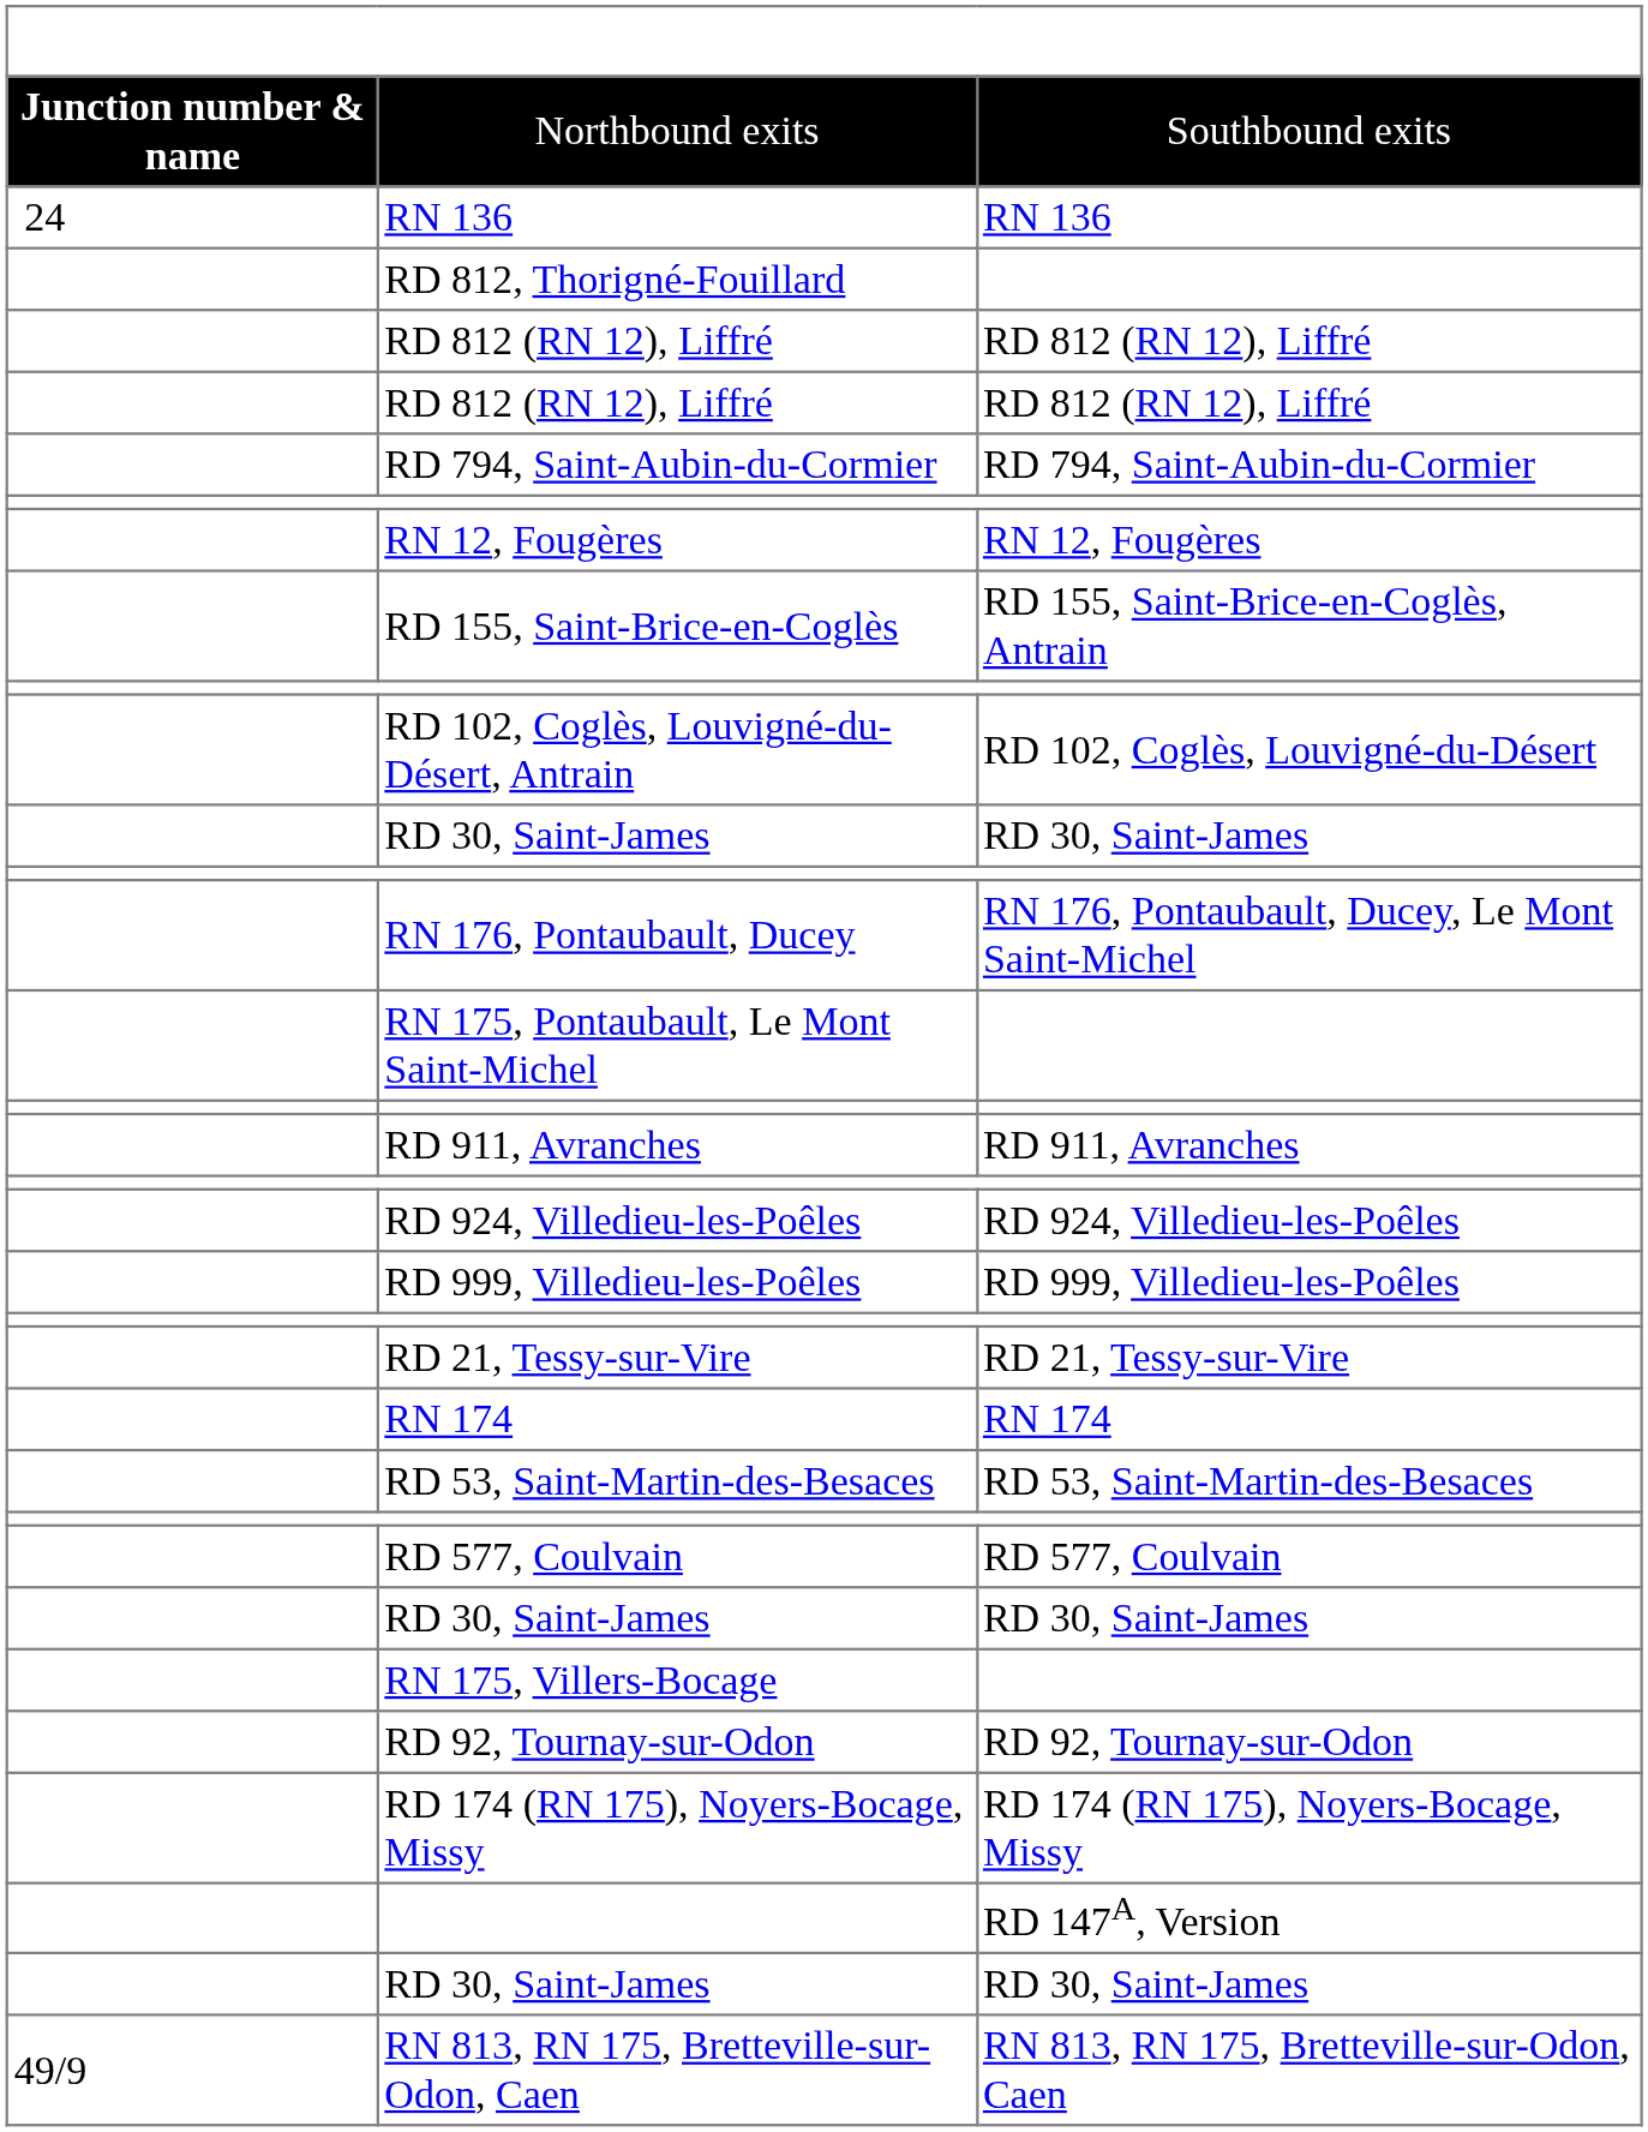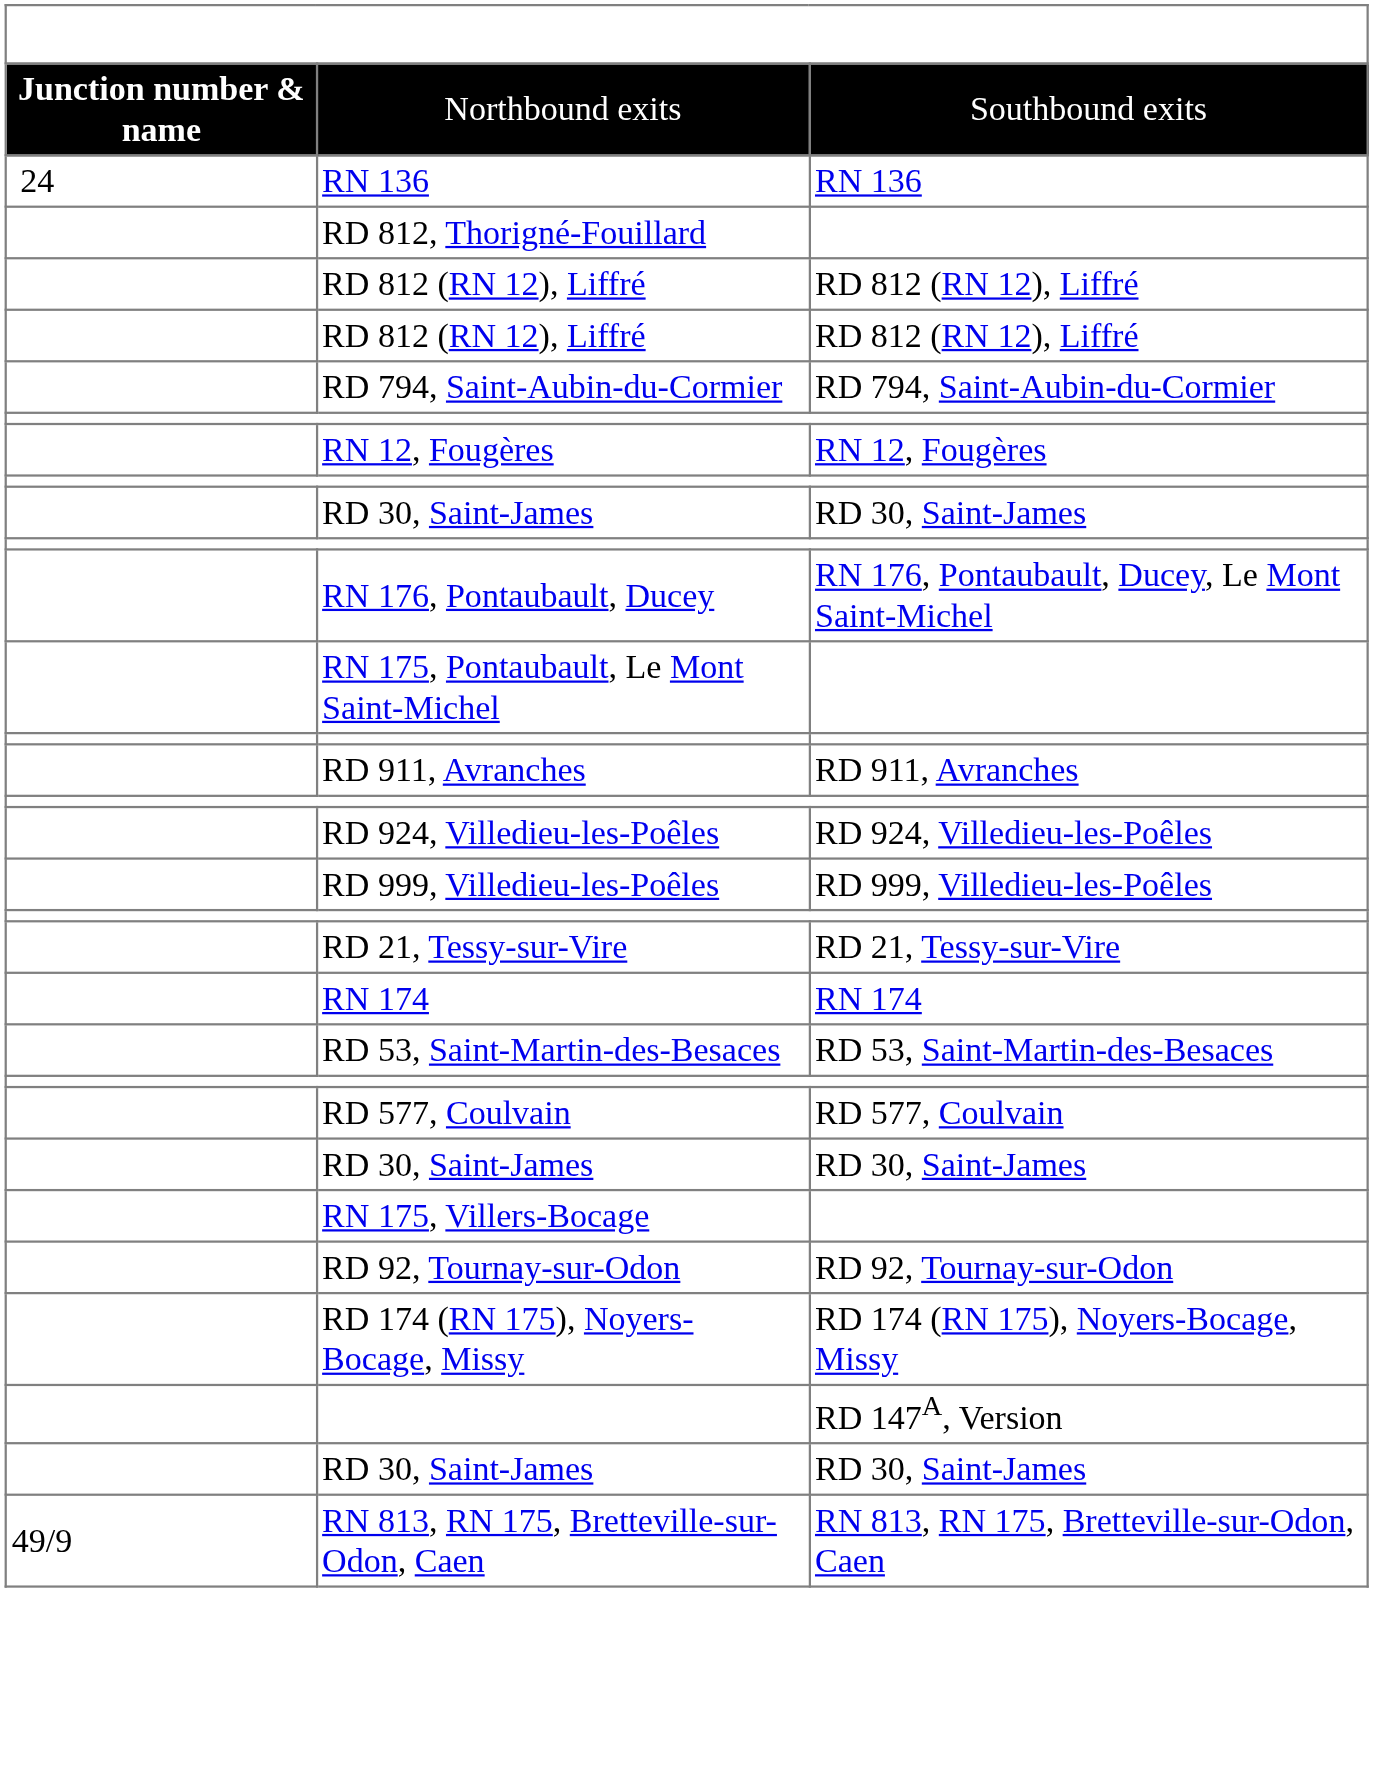 <table border=1 cellpadding=2 style="margin-left:1em; margin-bottom: 1em; color: black; border-collapse: collapse; font-size: 95%;">
 <tr align="center" bgcolor="FFFFFF" style="color: white;font-size:120%;">
 <td colspan="3"><br> </td>
 </tr>
 <tr align="center" bgcolor="000000" style="color: white">
 <td><strong>Junction number & name</strong></td>
 <td>Northbound exits</td>
 <td>Southbound exits</td>
 </tr>
 <tr>
 <td> 24</td>
 <td><a href='#'>RN 136</a></td>
 <td><a href='#'>RN 136</a></td>
 </tr>
 <tr>
 <td></td>
 <td>RD 812, <a href='#'>Thorigné-Fouillard</a></td>
 <td></td>
 </tr>
 <tr>
 <td></td>
 <td>RD 812 (<a href='#'>RN 12</a>), <a href='#'>Liffré</a></td>
 <td>RD 812 (<a href='#'>RN 12</a>), <a href='#'>Liffré</a></td>
 </tr>
 <tr>
 <td></td>
 <td>RD 812 (<a href='#'>RN 12</a>), <a href='#'>Liffré</a></td>
 <td>RD 812 (<a href='#'>RN 12</a>), <a href='#'>Liffré</a></td>
 </tr>
 <tr>
 <td></td>
 <td>RD 794, <a href='#'>Saint-Aubin-du-Cormier</a></td>
 <td>RD 794, <a href='#'>Saint-Aubin-du-Cormier</a></td>
 </tr>
 <tr>
 <td colspan="3"></td>
 </tr>
 <tr>
 <td></td>
 <td><a href='#'>RN 12</a>, <a href='#'>Fougères</a></td>
 <td><a href='#'>RN 12</a>, <a href='#'>Fougères</a></td>
 </tr>
 <tr>
-<td></td>
-<td>RD 155, <a href='#'>Saint-Brice-en-Coglès</a></td>
-<td>RD 155, <a href='#'>Saint-Brice-en-Coglès</a>, <a href='#'>Antrain</a></td>
-</tr>
-<tr>
 <td colspan="3"></td>
-</tr>
-<tr>
-<td></td>
-<td>RD 102, <a href='#'>Coglès</a>, <a href='#'>Louvigné-du-Désert</a>, <a href='#'>Antrain</a></td>
-<td>RD 102, <a href='#'>Coglès</a>, <a href='#'>Louvigné-du-Désert</a></td>
 </tr>
 <tr>
 <td></td>
 <td>RD 30, <a href='#'>Saint-James</a></td>
 <td>RD 30, <a href='#'>Saint-James</a></td>
 </tr>
 <tr>
 <td colspan="3"></td>
 </tr>
 <tr>
 <td></td>
 <td><a href='#'>RN 176</a>, <a href='#'>Pontaubault</a>, <a href='#'>Ducey</a></td>
 <td><a href='#'>RN 176</a>, <a href='#'>Pontaubault</a>, <a href='#'>Ducey</a>, Le <a href='#'>Mont Saint-Michel</a></td>
 </tr>
 <tr>
 <td></td>
 <td><a href='#'>RN 175</a>, <a href='#'>Pontaubault</a>, Le <a href='#'>Mont Saint-Michel</a></td>
 <td></td>
 </tr>
 <tr>
 <td><s></s></td>
 <td></td>
 <td></td>
 </tr>
 <tr>
 <td></td>
 <td>RD 911, <a href='#'>Avranches</a></td>
 <td>RD 911, <a href='#'>Avranches</a></td>
 </tr>
 <tr>
 <td colspan="3"></td>
 </tr>
 <tr>
 <td></td>
 <td>RD 924, <a href='#'>Villedieu-les-Poêles</a></td>
 <td>RD 924, <a href='#'>Villedieu-les-Poêles</a></td>
 </tr>
 <tr>
 <td></td>
 <td>RD 999, <a href='#'>Villedieu-les-Poêles</a></td>
 <td>RD 999, <a href='#'>Villedieu-les-Poêles</a></td>
 </tr>
 <tr>
 <td colspan="3"></td>
 </tr>
 <tr>
 <td></td>
 <td>RD 21, <a href='#'>Tessy-sur-Vire</a></td>
 <td>RD 21, <a href='#'>Tessy-sur-Vire</a></td>
 </tr>
 <tr>
 <td></td>
 <td><a href='#'>RN 174</a></td>
 <td><a href='#'>RN 174</a></td>
 </tr>
 <tr>
 <td></td>
 <td>RD 53, <a href='#'>Saint-Martin-des-Besaces</a></td>
 <td>RD 53, <a href='#'>Saint-Martin-des-Besaces</a></td>
 </tr>
 <tr>
 <td colspan="3"></td>
 </tr>
 <tr>
 <td></td>
 <td>RD 577, <a href='#'>Coulvain</a></td>
 <td>RD 577, <a href='#'>Coulvain</a></td>
 </tr>
 <tr>
 <td></td>
 <td>RD 30, <a href='#'>Saint-James</a></td>
 <td>RD 30, <a href='#'>Saint-James</a></td>
 </tr>
 <tr>
 <td></td>
 <td><a href='#'>RN 175</a>, <a href='#'>Villers-Bocage</a></td>
 <td></td>
 </tr>
 <tr>
 <td></td>
 <td>RD 92, <a href='#'>Tournay-sur-Odon</a></td>
 <td>RD 92, <a href='#'>Tournay-sur-Odon</a></td>
 </tr>
 <tr>
 <td></td>
 <td>RD 174 (<a href='#'>RN 175</a>), <a href='#'>Noyers-Bocage</a>, <a href='#'>Missy</a></td>
 <td>RD 174 (<a href='#'>RN 175</a>), <a href='#'>Noyers-Bocage</a>, <a href='#'>Missy</a></td>
 </tr>
 <tr>
 <td></td>
 <td></td>
 <td>RD 147<sup>A</sup>, Version</td>
 </tr>
 <tr>
 <td></td>
 <td>RD 30, <a href='#'>Saint-James</a></td>
 <td>RD 30, <a href='#'>Saint-James</a></td>
 </tr>
 <tr>
 <td> 49/9</td>
 <td><a href='#'>RN 813</a>, <a href='#'>RN 175</a>, <a href='#'>Bretteville-sur-Odon</a>, <a href='#'>Caen</a></td>
 <td><a href='#'>RN 813</a>, <a href='#'>RN 175</a>, <a href='#'>Bretteville-sur-Odon</a>, <a href='#'>Caen</a></td>
 </tr>
 </table>
